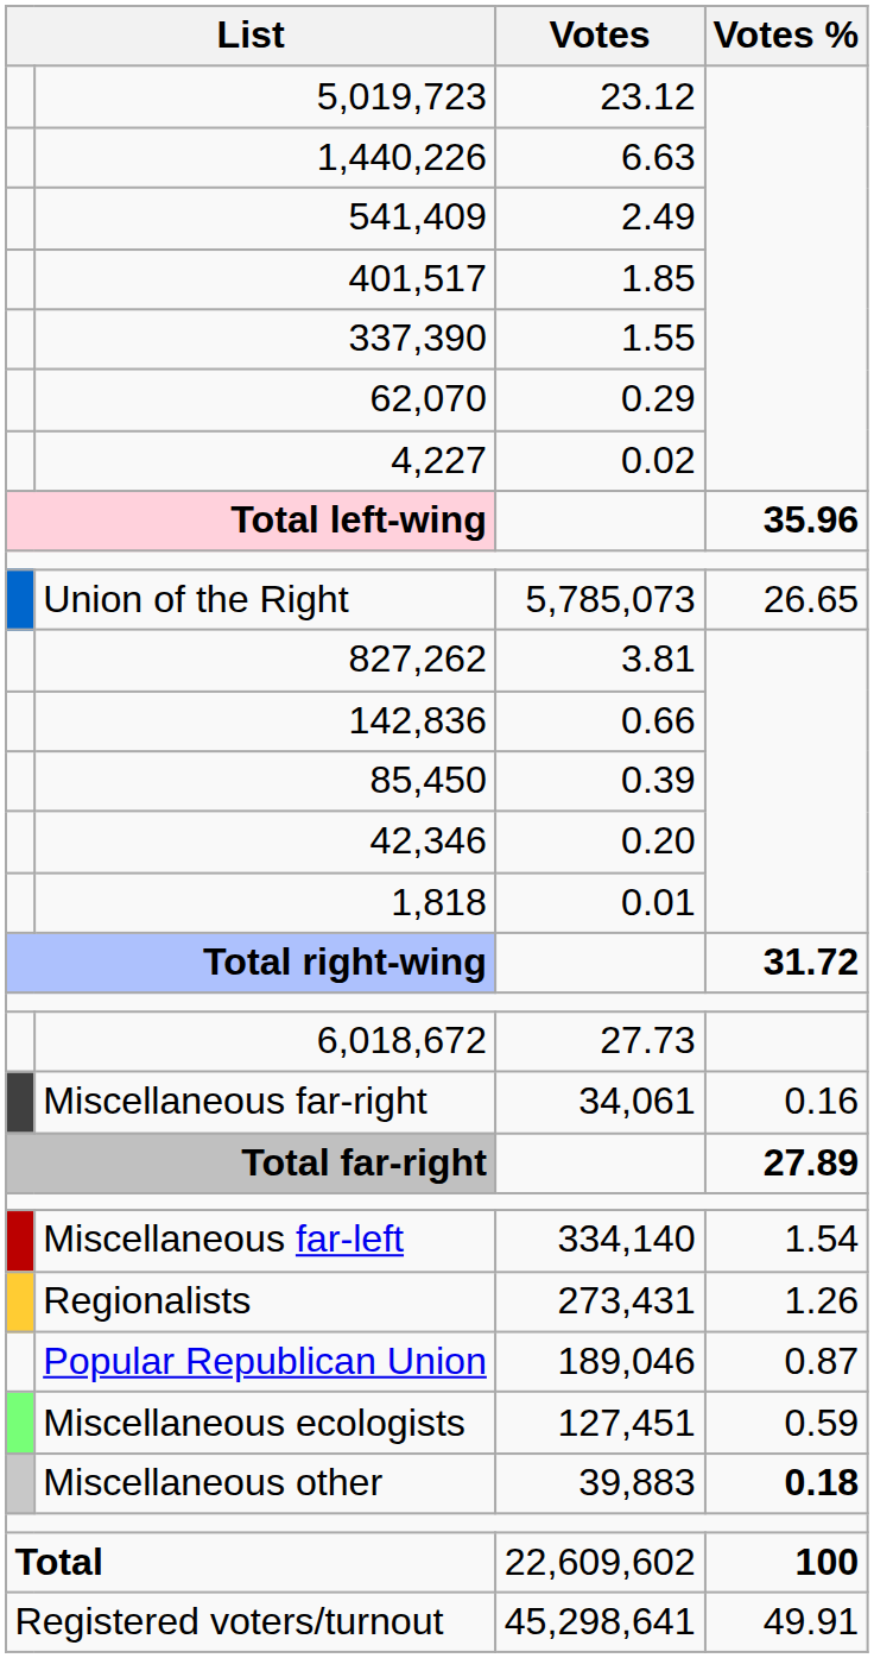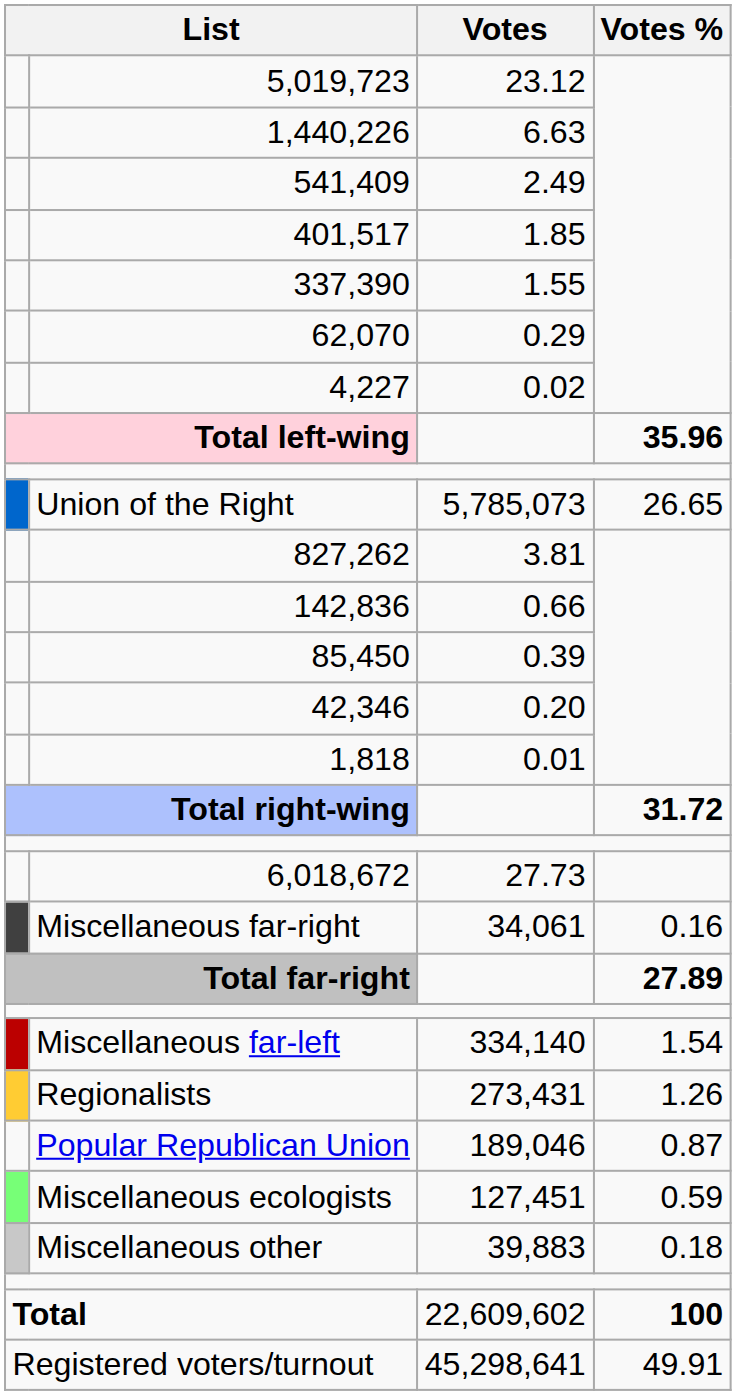 <table class=wikitable style=text-align:right>
 <tr>
 <th colspan=2>List</th>
 <th>Votes</th>
 <th>Votes %</th>
 </tr>
 <tr>
 <td></td>
 <td>5,019,723</td>
 <td>23.12</td>
 </tr>
 <tr>
 <td></td>
 <td>1,440,226</td>
 <td>6.63</td>
 </tr>
 <tr>
 <td></td>
 <td>541,409</td>
 <td>2.49</td>
 </tr>
 <tr>
 <td></td>
 <td>401,517</td>
 <td>1.85</td>
 </tr>
 <tr>
 <td></td>
 <td>337,390</td>
 <td>1.55</td>
 </tr>
 <tr>
 <td></td>
 <td>62,070</td>
 <td>0.29</td>
 </tr>
 <tr>
 <td></td>
 <td>4,227</td>
 <td>0.02</td>
 </tr>
 <tr>
 <td colspan=2 style="background-color:#ffd1dc"><strong>Total left-wing</strong></td>
 <td style="text-align: right" style="background-color:#ffd1dc"><strong></strong></td>
 <td style="text-align: right" style="background-color:#ffd1dc"><strong>35.96</strong></td>
 </tr>
 <tr>
 <td colspan=7></td>
 </tr>
 <tr>
 <td bgcolor="#0066CC"> </td>
 <td align=left>Union of the Right</td>
 <td>5,785,073</td>
 <td>26.65</td>
 </tr>
 <tr>
 <td></td>
 <td>827,262</td>
 <td>3.81</td>
 </tr>
 <tr>
 <td></td>
 <td>142,836</td>
 <td>0.66</td>
 </tr>
 <tr>
 <td></td>
 <td>85,450</td>
 <td>0.39</td>
 </tr>
 <tr>
 <td></td>
 <td>42,346</td>
 <td>0.20</td>
 </tr>
 <tr>
 <td></td>
 <td>1,818</td>
 <td>0.01</td>
 </tr>
 <tr>
 <td colspan=2 style="background-color:#ADC1FD"><strong>Total right-wing</strong></td>
 <td style="text-align: right" style="background-color:#ADC1FD"><strong></strong></td>
 <td style="text-align: right" style="background-color:#ADC1FD"><strong>31.72</strong></td>
 </tr>
 <tr>
 <td colspan=7></td>
 </tr>
 <tr>
 <td></td>
 <td>6,018,672</td>
 <td>27.73</td>
 </tr>
 <tr>
 <td bgcolor="#404040"> </td>
 <td align=left>Miscellaneous far-right</td>
 <td>34,061</td>
 <td>0.16</td>
 </tr>
 <tr>
 <td colspan=2 style="background-color:#C0C0C0"><strong>Total far-right</strong></td>
 <td style="text-align: right" style="background-color:#C0C0C0"><strong></strong></td>
 <td style="text-align: right" style="background-color:#C0C0C0"><strong>27.89</strong></td>
 </tr>
 <tr>
 <td colspan=7></td>
 </tr>
 <tr>
 <td bgcolor="#BB0000"> </td>
 <td align=left>Miscellaneous <a href='#'>far-left</a></td>
 <td>334,140</td>
 <td>1.54</td>
 </tr>
 <tr>
 <td bgcolor="#ffcc33"> </td>
 <td align=left>Regionalists</td>
 <td>273,431</td>
 <td>1.26</td>
 </tr>
 <tr>
 <td></td>
 <td align=left><a href='#'>Popular Republican Union</a></td>
 <td>189,046</td>
 <td>0.87</td>
 </tr>
 <tr>
 <td bgcolor="#77FF77"> </td>
 <td align=left>Miscellaneous ecologists</td>
 <td>127,451</td>
 <td>0.59</td>
 </tr>
 <tr>
 <td bgcolor="#C8C8C8"> </td>
 <td align=left>Miscellaneous other</td>
 <td>39,883</td>
-<td><strong>0.18</strong></td>
+<td>0.18</td>
 </tr>
 <tr>
 <td colspan=4></td>
 </tr>
 <tr>
 <td colspan=2 align=left><strong>Total</strong></td>
 <td>22,609,602</td>
 <td><strong>100</strong></td>
 </tr>
 <tr>
 <td colspan=2 align=left>Registered voters/turnout</td>
 <td>45,298,641</td>
 <td>49.91</td>
 </tr>
 </table>
